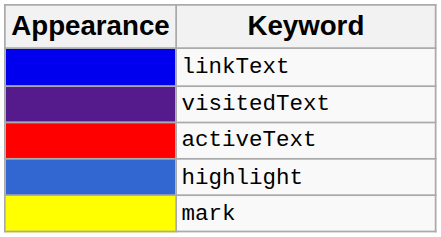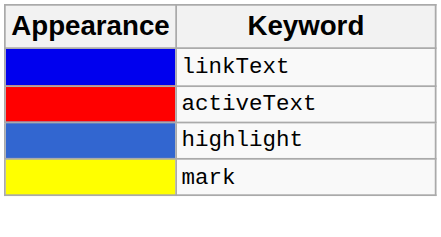 <table class="wikitable" | style="width: 250px; max-width: 100%;">
 <tr>
 <th style="width: 20px">Appearance</th>
 <th>Keyword</th>
 </tr>
 <tr>
 <td style="background:linkText"></td>
 <td style="font-family: monospace;">linkText</td>
-</tr>
-<tr>
-<td style="background:visitedText"></td>
-<td style="font-family: monospace;">visitedText</td>
 </tr>
 <tr>
 <td style="background:activeText"></td>
 <td style="font-family: monospace;">activeText</td>
 </tr>
 <tr>
 <td style="background:highlight"></td>
 <td style="font-family: monospace;">highlight</td>
 </tr>
 <tr>
 <td style="background:mark"></td>
 <td style="font-family: monospace;">mark</td>
 </tr>
 </table>
